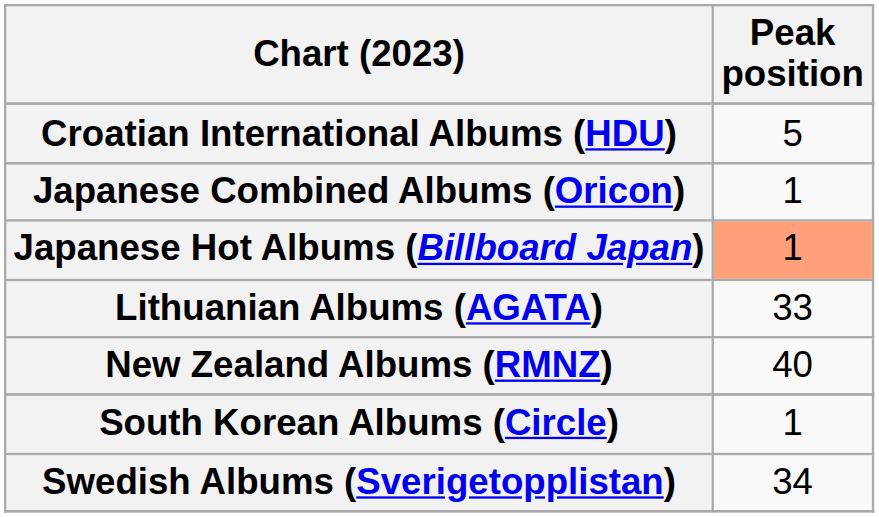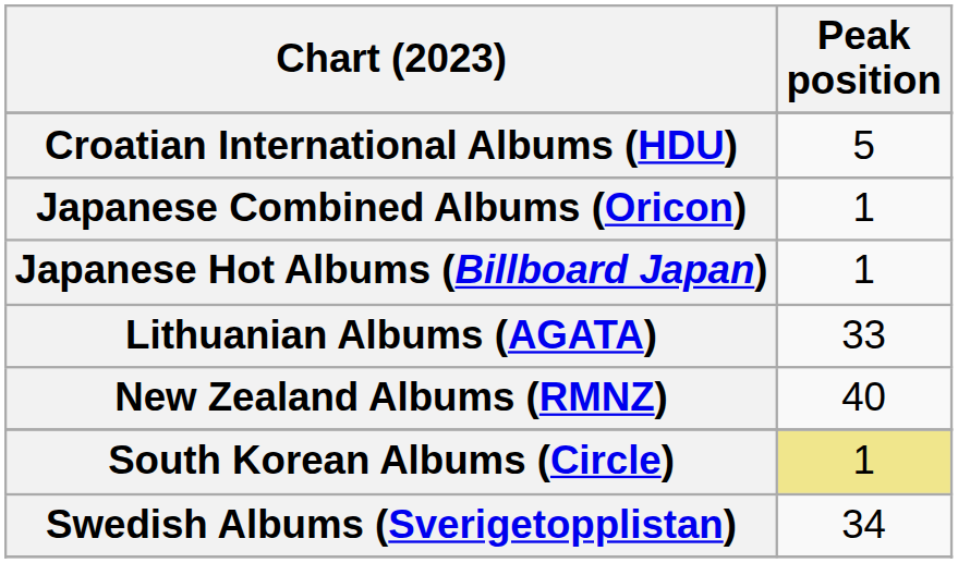 <table class="wikitable sortable plainrowheaders" style="text-align:center;">
 <tr>
 <th scope="col">Chart (2023)</th>
 <th scope="col">Peak<br>position</th>
 </tr>
 <tr>
 </tr>
 <tr>
 </tr>
 <tr>
 <th scope="row">Croatian International Albums (<a href='#'>HDU</a>)</th>
 <td>5</td>
 </tr>
 <tr>
 </tr>
 <tr>
 </tr>
 <tr>
 </tr>
 <tr>
 </tr>
 <tr>
 </tr>
 <tr>
 <th scope="row">Japanese Combined Albums (<a href='#'>Oricon</a>)</th>
 <td>1</td>
 </tr>
 <tr>
 <th scope="row">Japanese Hot Albums (<em><a href='#'>Billboard Japan</a></em>)</th>
-<td style="background: lightsalmon;">1</td>
+<td>1</td>
 </tr>
 <tr>
 <th scope="row">Lithuanian Albums (<a href='#'>AGATA</a>)</th>
 <td>33</td>
 </tr>
 <tr>
 <th scope="row">New Zealand Albums (<a href='#'>RMNZ</a>)</th>
 <td>40</td>
 </tr>
 <tr>
 </tr>
 <tr>
 </tr>
 <tr>
 <th scope="row">South Korean Albums (<a href='#'>Circle</a>)</th>
-<td>1</td>
+<td style="background: khaki;">1</td>
 </tr>
 <tr>
 <th scope="row">Swedish Albums (<a href='#'>Sverigetopplistan</a>)</th>
 <td>34</td>
 </tr>
 <tr>
 </tr>
 <tr>
 </tr>
 <tr>
 </tr>
 <tr>
 </tr>
 </table>
